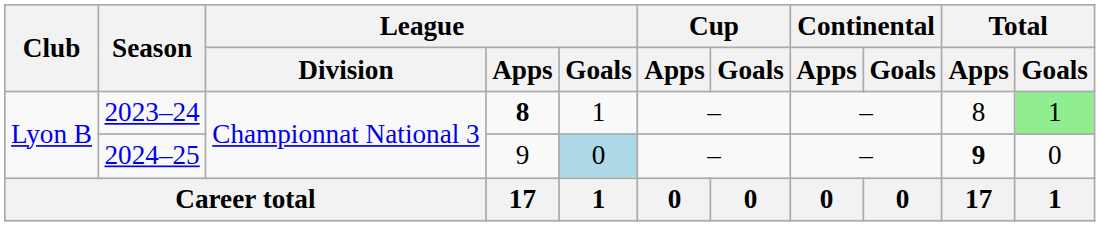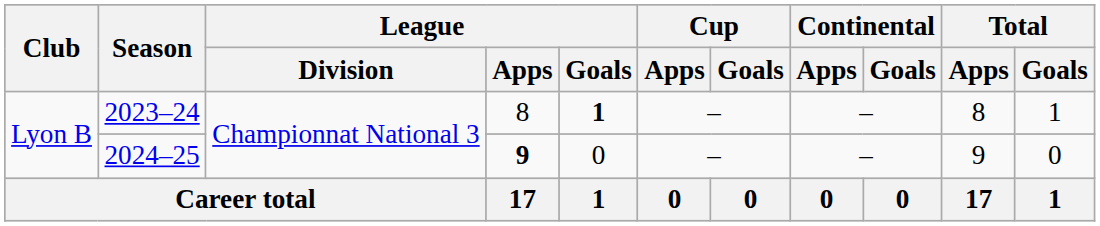 <table class="wikitable" style="text-align: center;">
 <tr>
 <th rowspan="2">Club</th>
 <th rowspan="2">Season</th>
 <th colspan="3">League</th>
 <th colspan="2">Cup</th>
 <th colspan="2">Continental</th>
 <th colspan="2">Total</th>
 </tr>
 <tr>
 <th>Division</th>
 <th>Apps</th>
 <th>Goals</th>
 <th>Apps</th>
 <th>Goals</th>
 <th>Apps</th>
 <th>Goals</th>
 <th>Apps</th>
 <th>Goals</th>
 </tr>
 <tr>
 <td rowspan="2"><a href='#'>Lyon B</a></td>
 <td><a href='#'>2023–24</a></td>
 <td rowspan="2"><a href='#'>Championnat National 3</a></td>
-<td><strong>8</strong></td>
-<td>1</td>
+<td>8</td>
+<td><strong>1</strong></td>
 <td colspan="2">–</td>
 <td colspan="2">–</td>
 <td>8</td>
-<td style="background: lightgreen;">1</td>
+<td>1</td>
 </tr>
 <tr>
 <td><a href='#'>2024–25</a></td>
-<td>9</td>
-<td style="background: lightblue;">0</td>
+<td><strong>9</strong></td>
+<td>0</td>
 <td colspan="2">–</td>
 <td colspan="2">–</td>
-<td><strong>9</strong></td>
+<td>9</td>
 <td>0</td>
 </tr>
 <tr>
 <th colspan="3">Career total</th>
 <th>17</th>
 <th>1</th>
 <th>0</th>
 <th>0</th>
 <th>0</th>
 <th>0</th>
 <th>17</th>
 <th>1</th>
 </tr>
 </table>
